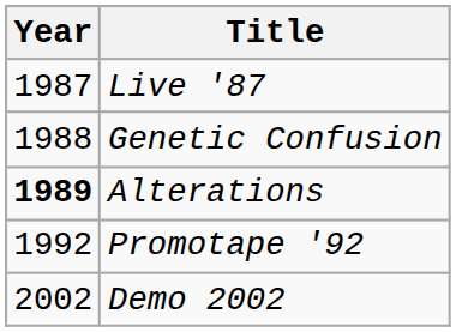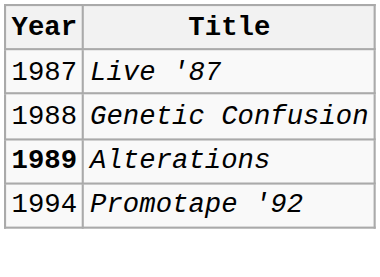 <table class="wikitable" border="1">
 <tr>
 <th>Year</th>
 <th>Title</th>
 </tr>
 <tr>
 <td>1987</td>
 <td><em>Live '87</em></td>
 </tr>
 <tr>
 <td>1988</td>
 <td><em>Genetic Confusion</em></td>
 </tr>
 <tr>
 <td><strong>1989</strong></td>
 <td><em>Alterations</em></td>
 </tr>
 <tr>
-<td>1992</td>
+<td>1994</td>
 <td><em>Promotape '92</em></td>
 </tr>
-<tr>
-<td>2002</td>
-<td><em>Demo 2002</em></td>
-</tr>
 </table>
